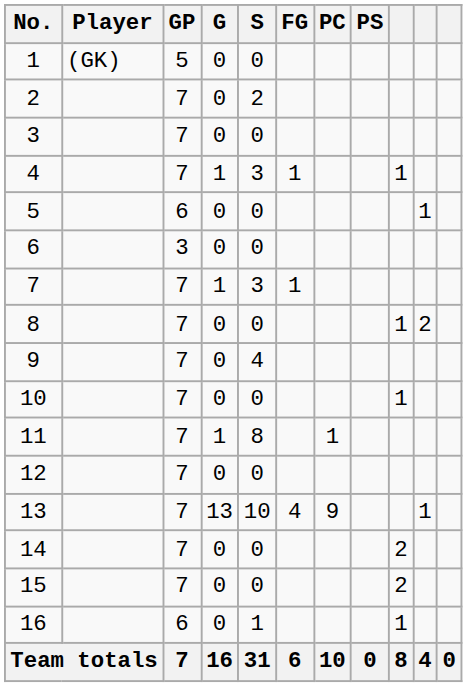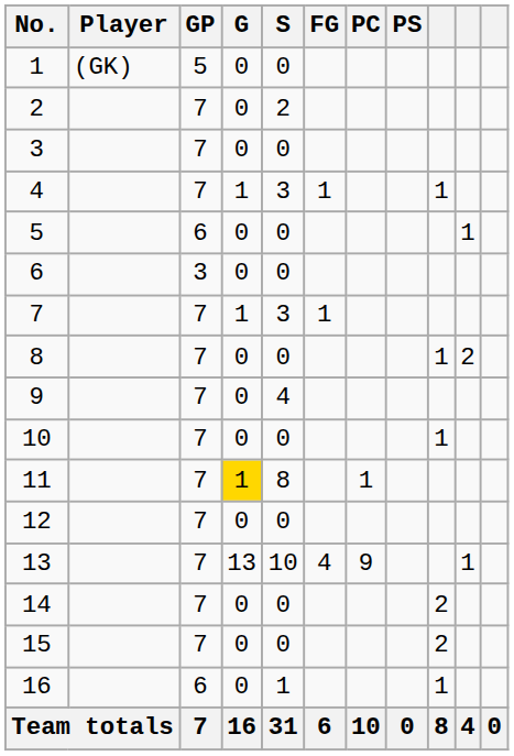 <table class="wikitable sortable" style="font-size:90%; text-align:center;">
 <tr>
 <th>No.</th>
 <th>Player</th>
 <th>GP</th>
 <th>G</th>
 <th>S</th>
 <th>FG</th>
 <th>PC</th>
 <th>PS</th>
 <th></th>
 <th></th>
 <th></th>
 </tr>
 <tr>
 <td>1</td>
 <td align=left> (GK)</td>
 <td>5</td>
 <td>0</td>
 <td>0</td>
 <td></td>
 <td></td>
 <td></td>
 <td></td>
 <td></td>
 <td></td>
 </tr>
 <tr>
 <td>2</td>
 <td align=left></td>
 <td>7</td>
 <td>0</td>
 <td>2</td>
 <td></td>
 <td></td>
 <td></td>
 <td></td>
 <td></td>
 <td></td>
 </tr>
 <tr>
 <td>3</td>
 <td align=left></td>
 <td>7</td>
 <td>0</td>
 <td>0</td>
 <td></td>
 <td></td>
 <td></td>
 <td></td>
 <td></td>
 <td></td>
 </tr>
 <tr>
 <td>4</td>
 <td align=left></td>
 <td>7</td>
 <td>1</td>
 <td>3</td>
 <td>1</td>
 <td></td>
 <td></td>
 <td>1</td>
 <td></td>
 <td></td>
 </tr>
 <tr>
 <td>5</td>
 <td align=left></td>
 <td>6</td>
 <td>0</td>
 <td>0</td>
 <td></td>
 <td></td>
 <td></td>
 <td></td>
 <td>1</td>
 <td></td>
 </tr>
 <tr>
 <td>6</td>
 <td align=left></td>
 <td>3</td>
 <td>0</td>
 <td>0</td>
 <td></td>
 <td></td>
 <td></td>
 <td></td>
 <td></td>
 <td></td>
 </tr>
 <tr>
 <td>7</td>
 <td align=left></td>
 <td>7</td>
 <td>1</td>
 <td>3</td>
 <td>1</td>
 <td></td>
 <td></td>
 <td></td>
 <td></td>
 <td></td>
 </tr>
 <tr>
 <td>8</td>
 <td align=left></td>
 <td>7</td>
 <td>0</td>
 <td>0</td>
 <td></td>
 <td></td>
 <td></td>
 <td>1</td>
 <td>2</td>
 <td></td>
 </tr>
 <tr>
 <td>9</td>
 <td align=left></td>
 <td>7</td>
 <td>0</td>
 <td>4</td>
 <td></td>
 <td></td>
 <td></td>
 <td></td>
 <td></td>
 <td></td>
 </tr>
 <tr>
 <td>10</td>
 <td align=left></td>
 <td>7</td>
 <td>0</td>
 <td>0</td>
 <td></td>
 <td></td>
 <td></td>
 <td>1</td>
 <td></td>
 <td></td>
 </tr>
 <tr>
 <td>11</td>
 <td align=left></td>
 <td>7</td>
-<td>1</td>
+<td style="background: gold;">1</td>
 <td>8</td>
 <td></td>
 <td>1</td>
 <td></td>
 <td></td>
 <td></td>
 <td></td>
 </tr>
 <tr>
 <td>12</td>
 <td align=left></td>
 <td>7</td>
 <td>0</td>
 <td>0</td>
 <td></td>
 <td></td>
 <td></td>
 <td></td>
 <td></td>
 <td></td>
 </tr>
 <tr>
 <td>13</td>
 <td align=left></td>
 <td>7</td>
 <td>13</td>
 <td>10</td>
 <td>4</td>
 <td>9</td>
 <td></td>
 <td></td>
 <td>1</td>
 <td></td>
 </tr>
 <tr>
 <td>14</td>
 <td align=left></td>
 <td>7</td>
 <td>0</td>
 <td>0</td>
 <td></td>
 <td></td>
 <td></td>
 <td>2</td>
 <td></td>
 <td></td>
 </tr>
 <tr>
 <td>15</td>
 <td align=left></td>
 <td>7</td>
 <td>0</td>
 <td>0</td>
 <td></td>
 <td></td>
 <td></td>
 <td>2</td>
 <td></td>
 <td></td>
 </tr>
 <tr>
 <td>16</td>
 <td align=left></td>
 <td>6</td>
 <td>0</td>
 <td>1</td>
 <td></td>
 <td></td>
 <td></td>
 <td>1</td>
 <td></td>
 <td></td>
 </tr>
 <tr class="sortbottom">
 <th colspan=2>Team totals</th>
 <th>7</th>
 <th>16</th>
 <th>31</th>
 <th>6</th>
 <th>10</th>
 <th>0</th>
 <th>8</th>
 <th>4</th>
 <th>0</th>
 </tr>
 </table>
